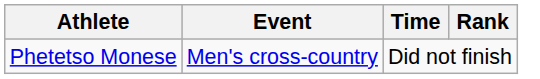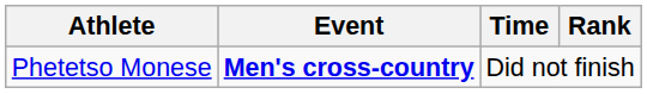 <table class="wikitable" style="font-size:90%">
 <tr>
 <th>Athlete</th>
 <th>Event</th>
 <th>Time</th>
 <th>Rank</th>
 </tr>
 <tr align=center>
 <td align=left><a href='#'>Phetetso Monese</a></td>
-<td align=left><a href='#'>Men's cross-country</a></td>
+<td align=left><strong><a href='#'>Men's cross-country</a></strong></td>
 <td colspan=2>Did not finish</td>
 </tr>
 </table>
